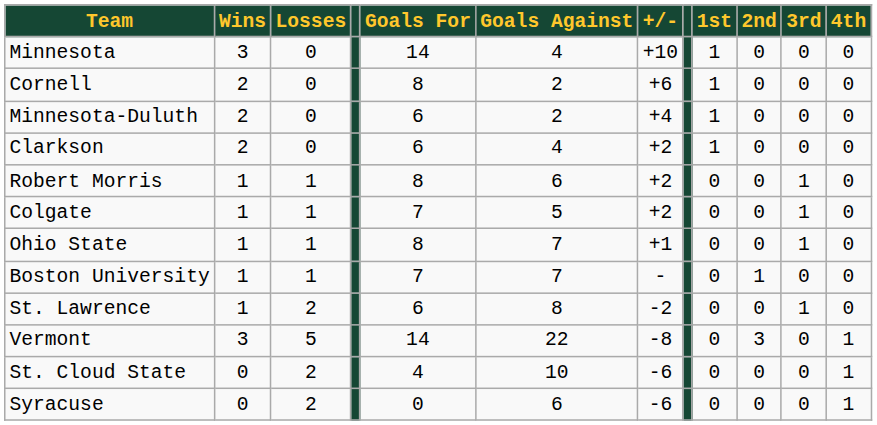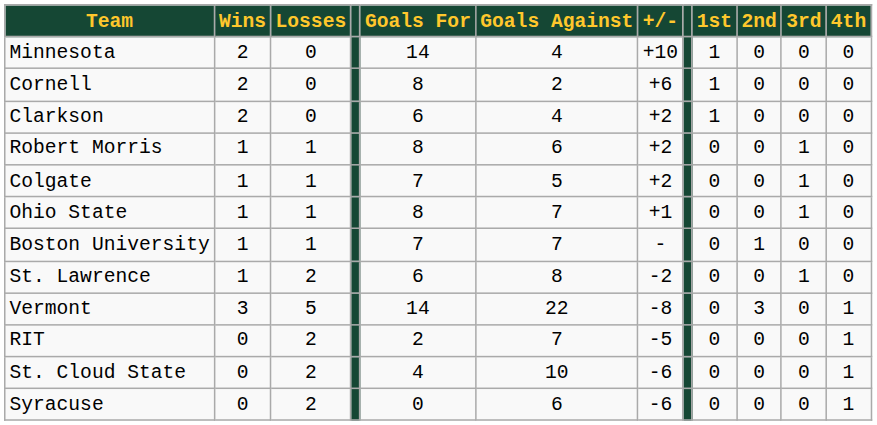 <table class="wikitable">
 <tr align="center"  style="background:#154734;color:#FFC72C;">
 <td><strong>Team</strong></td>
 <td><strong>Wins</strong></td>
 <td><strong>Losses</strong></td>
 <td></td>
 <td><strong>Goals For</strong></td>
 <td><strong>Goals Against</strong></td>
 <td><strong>+/-</strong></td>
 <td></td>
 <td><strong>1st</strong></td>
 <td><strong>2nd</strong></td>
 <td><strong>3rd</strong></td>
 <td><strong>4th</strong></td>
 </tr>
 <tr align="center" bgcolor="">
 <td align="left">Minnesota</td>
-<td>3</td>
+<td>2</td>
 <td>0</td>
 <td style="background:#154734;"></td>
 <td>14</td>
 <td>4</td>
 <td>+10</td>
 <td style="background:#154734;"></td>
 <td>1</td>
 <td>0</td>
 <td>0</td>
 <td>0</td>
 </tr>
 <tr align="center" bgcolor="">
 <td align="left">Cornell</td>
 <td>2</td>
 <td>0</td>
 <td style="background:#154734;"></td>
 <td>8</td>
 <td>2</td>
 <td>+6</td>
-<td style="background:#154734;"></td>
-<td>1</td>
-<td>0</td>
-<td>0</td>
-<td>0</td>
-</tr>
-<tr align="center" bgcolor="">
-<td align="left">Minnesota-Duluth</td>
-<td>2</td>
-<td>0</td>
-<td style="background:#154734;"></td>
-<td>6</td>
-<td>2</td>
-<td>+4</td>
 <td style="background:#154734;"></td>
 <td>1</td>
 <td>0</td>
 <td>0</td>
 <td>0</td>
 </tr>
 <tr align="center" bgcolor="">
 <td align="left">Clarkson</td>
 <td>2</td>
 <td>0</td>
 <td style="background:#154734;"></td>
 <td>6</td>
 <td>4</td>
 <td>+2</td>
 <td style="background:#154734;"></td>
 <td>1</td>
 <td>0</td>
 <td>0</td>
 <td>0</td>
 </tr>
 <tr align="center" bgcolor="">
 <td align="left">Robert Morris</td>
 <td>1</td>
 <td>1</td>
 <td style="background:#154734;"></td>
 <td>8</td>
 <td>6</td>
 <td>+2</td>
 <td style="background:#154734;"></td>
 <td>0</td>
 <td>0</td>
 <td>1</td>
 <td>0</td>
 </tr>
 <tr align="center" bgcolor="">
 <td align="left">Colgate</td>
 <td>1</td>
 <td>1</td>
 <td style="background:#154734;"></td>
 <td>7</td>
 <td>5</td>
 <td>+2</td>
 <td style="background:#154734;"></td>
 <td>0</td>
 <td>0</td>
 <td>1</td>
 <td>0</td>
 </tr>
 <tr align="center" bgcolor="">
 <td align="left">Ohio State</td>
 <td>1</td>
 <td>1</td>
 <td style="background:#154734;"></td>
 <td>8</td>
 <td>7</td>
 <td>+1</td>
 <td style="background:#154734;"></td>
 <td>0</td>
 <td>0</td>
 <td>1</td>
 <td>0</td>
 </tr>
 <tr align="center" bgcolor="">
 <td align="left">Boston University</td>
 <td>1</td>
 <td>1</td>
 <td style="background:#154734;"></td>
 <td>7</td>
 <td>7</td>
 <td>-</td>
 <td style="background:#154734;"></td>
 <td>0</td>
 <td>1</td>
 <td>0</td>
 <td>0</td>
 </tr>
 <tr align="center" bgcolor="">
 <td align="left">St. Lawrence</td>
 <td>1</td>
 <td>2</td>
 <td style="background:#154734;"></td>
 <td>6</td>
 <td>8</td>
 <td>-2</td>
 <td style="background:#154734;"></td>
 <td>0</td>
 <td>0</td>
 <td>1</td>
 <td>0</td>
 </tr>
 <tr align="center" bgcolor="">
 <td align="left">Vermont</td>
 <td>3</td>
 <td>5</td>
 <td style="background:#154734;"></td>
 <td>14</td>
 <td>22</td>
 <td>-8</td>
 <td style="background:#154734;"></td>
 <td>0</td>
 <td>3</td>
 <td>0</td>
 <td>1</td>
 </tr>
 <tr align="center" bgcolor="">
+<td align="left">RIT</td>
+<td>0</td>
+<td>2</td>
+<td style="background:#154734;"></td>
+<td>2</td>
+<td>7</td>
+<td>-5</td>
+<td style="background:#154734;"></td>
+<td>0</td>
+<td>0</td>
+<td>0</td>
+<td>1</td>
+</tr>
+<tr align="center" bgcolor="">
 <td align="left">St. Cloud State</td>
 <td>0</td>
 <td>2</td>
 <td style="background:#154734;"></td>
 <td>4</td>
 <td>10</td>
 <td>-6</td>
 <td style="background:#154734;"></td>
 <td>0</td>
 <td>0</td>
 <td>0</td>
 <td>1</td>
 </tr>
 <tr align="center" bgcolor="">
 <td align="left">Syracuse</td>
 <td>0</td>
 <td>2</td>
 <td style="background:#154734;"></td>
 <td>0</td>
 <td>6</td>
 <td>-6</td>
 <td style="background:#154734;"></td>
 <td>0</td>
 <td>0</td>
 <td>0</td>
 <td>1</td>
 </tr>
 </table>
